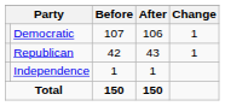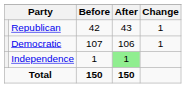 <table class="wikitable" style="text-align:center;">
 <tr>
 </tr>
 <tr>
 <th colspan=2>Party</th>
 <th>Before</th>
 <th>After</th>
 <th>Change</th>
 </tr>
 <tr>
 <th style="background-color:"></th>
+<td style="text-align:left;"><a href='#'>Republican</a></td>
+<td>42</td>
+<td>43</td>
+<td> 1</td>
+</tr>
+<tr>
+<th style="background-color:"></th>
 <td style="text-align:left;"><a href='#'>Democratic</a></td>
 <td>107</td>
 <td>106</td>
 <td> 1</td>
 </tr>
 <tr>
 <th style="background-color:"></th>
-<td style="text-align:left;"><a href='#'>Republican</a></td>
-<td>42</td>
-<td>43</td>
-<td> 1</td>
-</tr>
-<tr>
-<th style="background-color:"></th>
 <td style="text-align:left;"><a href='#'>Independence</a></td>
 <td>1</td>
-<td>1</td>
+<td style="background: lightgreen;">1</td>
 <td></td>
 </tr>
 <tr>
 <td colspan=2><strong>Total</strong></td>
 <td><strong>150</strong></td>
 <td><strong>150</strong></td>
 <td></td>
 </tr>
 </table>
